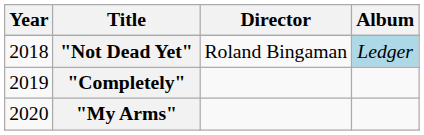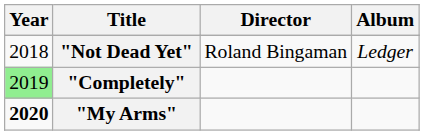 <table class="wikitable plainrowheaders" style="text-align:center;">
 <tr>
 <th>Year</th>
 <th style="width:7em;">Title</th>
 <th>Director</th>
 <th>Album</th>
 </tr>
 <tr style="font-size:smaller;">
 </tr>
 <tr>
 <td>2018</td>
 <th scope="row">"Not Dead Yet"</th>
 <td>Roland Bingaman</td>
-<td style="background: lightblue;"><em>Ledger</em></td>
+<td><em>Ledger</em></td>
 </tr>
 <tr>
-<td>2019</td>
+<td style="background: lightgreen;">2019</td>
 <th scope="row">"Completely"</th>
 <td></td>
 <td></td>
 </tr>
 <tr>
-<td>2020</td>
+<td><strong>2020</strong></td>
 <th scope="row">"My Arms"</th>
 <td></td>
 <td></td>
 </tr>
 </table>
